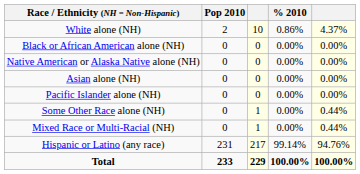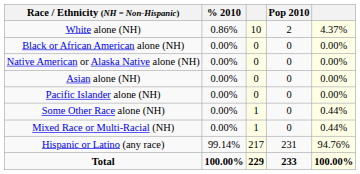 <table class="wikitable" style="text-align:center;">
 <tr>
 <th>Race / Ethnicity <small>(<em>NH = Non-Hispanic</em>)</small></th>
+<th>% 2010</th>
+<th></th>
 <th>Pop 2010</th>
-<th></th>
-<th>% 2010</th>
 <th></th>
 </tr>
 <tr>
 <td><a href='#'>White</a> alone (NH)</td>
+<td>0.86%</td>
+<td style='background: #ffffe6;'>10</td>
 <td>2</td>
-<td style='background: #ffffe6;'>10</td>
-<td>0.86%</td>
 <td style='background: #ffffe6;'>4.37%</td>
 </tr>
 <tr>
 <td><a href='#'>Black or African American</a> alone (NH)</td>
+<td>0.00%</td>
+<td style='background: #ffffe6;'>0</td>
 <td>0</td>
-<td style='background: #ffffe6;'>0</td>
-<td>0.00%</td>
 <td style='background: #ffffe6;'>0.00%</td>
 </tr>
 <tr>
 <td><a href='#'>Native American</a> or <a href='#'>Alaska Native</a> alone (NH)</td>
+<td>0.00%</td>
+<td style='background: #ffffe6;'>0</td>
 <td>0</td>
-<td style='background: #ffffe6;'>0</td>
-<td>0.00%</td>
 <td style='background: #ffffe6;'>0.00%</td>
 </tr>
 <tr>
 <td><a href='#'>Asian</a> alone (NH)</td>
+<td>0.00%</td>
+<td style='background: #ffffe6;'>0</td>
 <td>0</td>
-<td style='background: #ffffe6;'>0</td>
-<td>0.00%</td>
 <td style='background: #ffffe6;'>0.00%</td>
 </tr>
 <tr>
 <td><a href='#'>Pacific Islander</a> alone (NH)</td>
+<td>0.00%</td>
+<td style='background: #ffffe6;'>0</td>
 <td>0</td>
-<td style='background: #ffffe6;'>0</td>
-<td>0.00%</td>
 <td style='background: #ffffe6;'>0.00%</td>
 </tr>
 <tr>
 <td><a href='#'>Some Other Race</a> alone (NH)</td>
+<td>0.00%</td>
+<td style='background: #ffffe6;'>1</td>
 <td>0</td>
-<td style='background: #ffffe6;'>1</td>
-<td>0.00%</td>
 <td style='background: #ffffe6;'>0.44%</td>
 </tr>
 <tr>
 <td><a href='#'>Mixed Race or Multi-Racial</a> (NH)</td>
+<td>0.00%</td>
+<td style='background: #ffffe6;'>1</td>
 <td>0</td>
-<td style='background: #ffffe6;'>1</td>
-<td>0.00%</td>
 <td style='background: #ffffe6;'>0.44%</td>
 </tr>
 <tr>
 <td><a href='#'>Hispanic or Latino</a> (any race)</td>
+<td>99.14%</td>
+<td style='background: #ffffe6;'>217</td>
 <td>231</td>
-<td style='background: #ffffe6;'>217</td>
-<td>99.14%</td>
 <td style='background: #ffffe6;'>94.76%</td>
 </tr>
 <tr>
 <td><strong>Total</strong></td>
+<td><strong>100.00%</strong></td>
+<td style='background: #ffffe6;'><strong>229</strong></td>
 <td><strong>233</strong></td>
-<td style='background: #ffffe6;'><strong>229</strong></td>
-<td><strong>100.00%</strong></td>
 <td style='background: #ffffe6;'><strong>100.00%</strong></td>
 </tr>
 </table>
